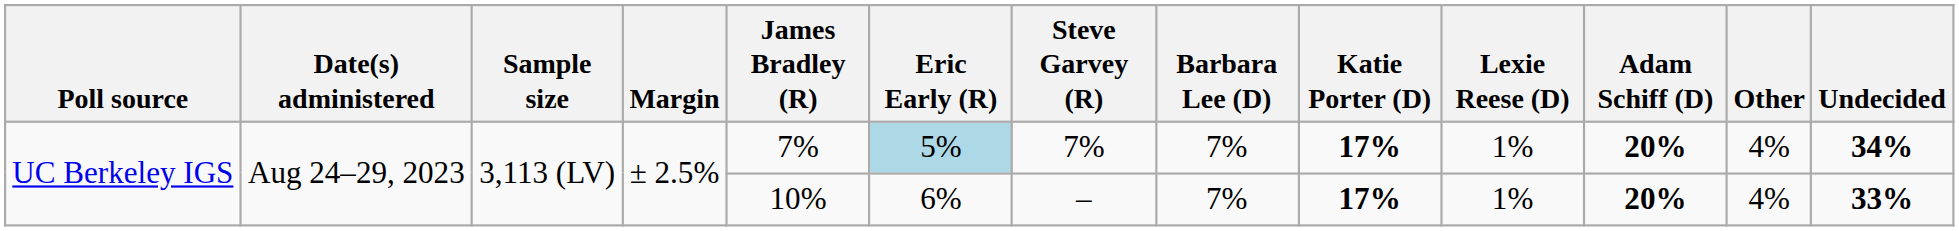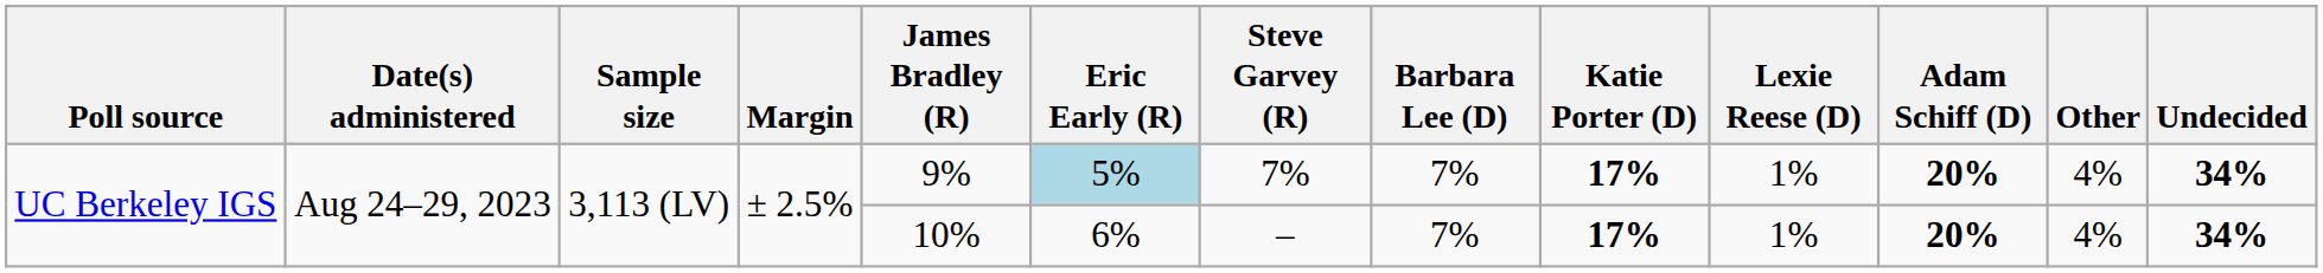 <table class="wikitable tpl-blanktable" style="font-size:90%;text-align:center;">
 <tr valign=bottom style="font-size:90%;">
 <th>Poll source</th>
 <th>Date(s)<br>administered</th>
 <th>Sample<br>size</th>
 <th>Margin<br></th>
 <th style="width:60px;">James<br>Bradley (R)</th>
 <th style="width:60px;">Eric<br>Early (R)</th>
 <th style="width:60px;">Steve<br>Garvey (R)</th>
 <th style="width:60px;">Barbara<br>Lee (D)</th>
 <th style="width:60px;">Katie<br>Porter (D)</th>
 <th style="width:60px;">Lexie<br>Reese (D)</th>
 <th style="width:60px;">Adam<br>Schiff (D)</th>
 <th>Other</th>
 <th>Undecided</th>
 </tr>
 <tr>
 <td rowspan="2"><a href='#'>UC Berkeley IGS</a></td>
 <td rowspan="2">Aug 24–29, 2023</td>
 <td rowspan="2">3,113 (LV)</td>
 <td rowspan="2">± 2.5%</td>
-<td>7%</td>
+<td>9%</td>
 <td style="background: lightblue;">5%</td>
 <td>7%</td>
 <td>7%</td>
 <td><strong>17%</strong></td>
 <td>1%</td>
 <td><strong>20%</strong></td>
 <td>4%</td>
 <td><strong>34%</strong></td>
 </tr>
 <tr>
 <td>10%</td>
 <td>6%</td>
 <td>–</td>
 <td>7%</td>
 <td><strong>17%</strong></td>
 <td>1%</td>
 <td><strong>20%</strong></td>
 <td>4%</td>
-<td><strong>33%</strong></td>
+<td><strong>34%</strong></td>
 </tr>
 </table>
